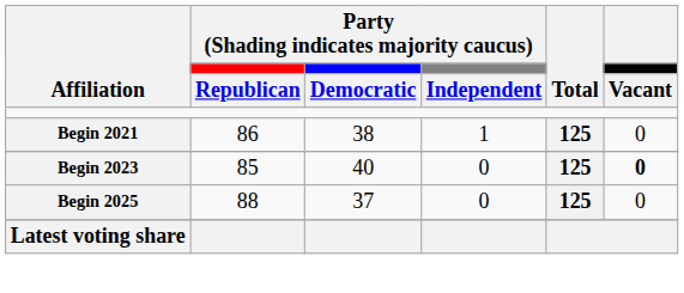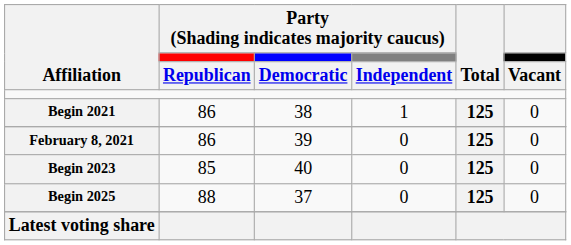 <table class=wikitable style="text-align:center">
 <tr valign=bottom>
 <th rowspan=3>Affiliation</th>
 <th colspan=3>Party <div>(Shading indicates majority caucus)</div></th>
 <th rowspan=3>Total</th>
 <th></th>
 </tr>
 <tr style="height:5px">
 <td style="background: red"></td>
 <td style="background: blue"></td>
 <td style="background: Gray"></td>
 <td style="background: black"></td>
 </tr>
 <tr>
 <th><a href='#'>Republican</a></th>
 <th><a href='#'>Democratic</a></th>
 <th><a href='#'>Independent</a></th>
 <th>Vacant</th>
 </tr>
 <tr>
 <td colspan=6></td>
 </tr>
 <tr>
 <th nowrap style="font-size:80%">Begin 2021</th>
 <td>86</td>
 <td>38</td>
 <td>1</td>
 <th>125</th>
 <td>0</td>
 </tr>
 <tr>
 </tr>
 <tr>
+<th nowrap style="font-size:80%">February 8, 2021</th>
+<td>86</td>
+<td>39</td>
+<td>0</td>
+<th>125</th>
+<td>0</td>
+</tr>
+<tr>
 <th nowrap style="font-size:80%">Begin 2023</th>
 <td>85</td>
 <td>40</td>
 <td>0</td>
 <th>125</th>
-<td><strong>0</strong></td>
+<td>0</td>
 </tr>
 <tr>
 <th nowrap style="font-size:80%">Begin 2025</th>
 <td>88</td>
 <td>37</td>
 <td>0</td>
 <th>125</th>
 <td>0</td>
 </tr>
 <tr>
 </tr>
 <tr>
 <th>Latest voting share</th>
 <th></th>
 <th></th>
 <th></th>
 <th colspan=2></th>
 </tr>
 </table>
